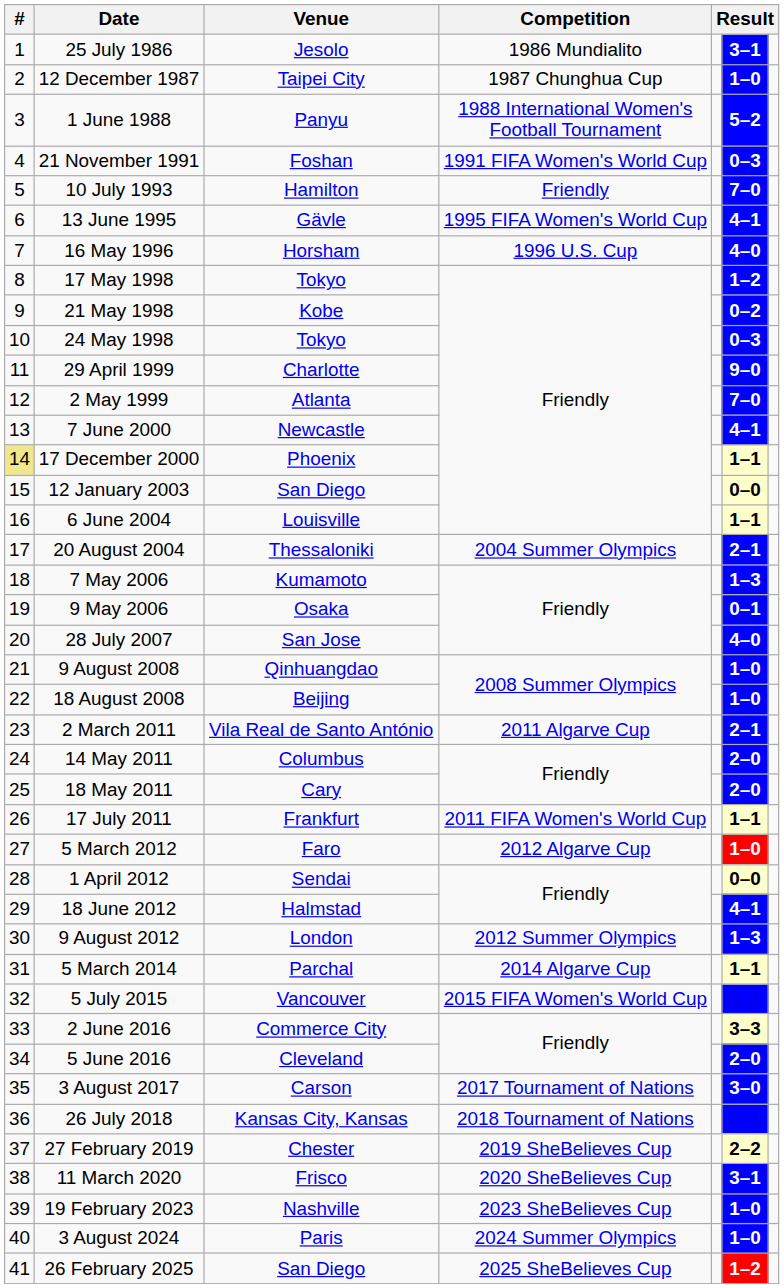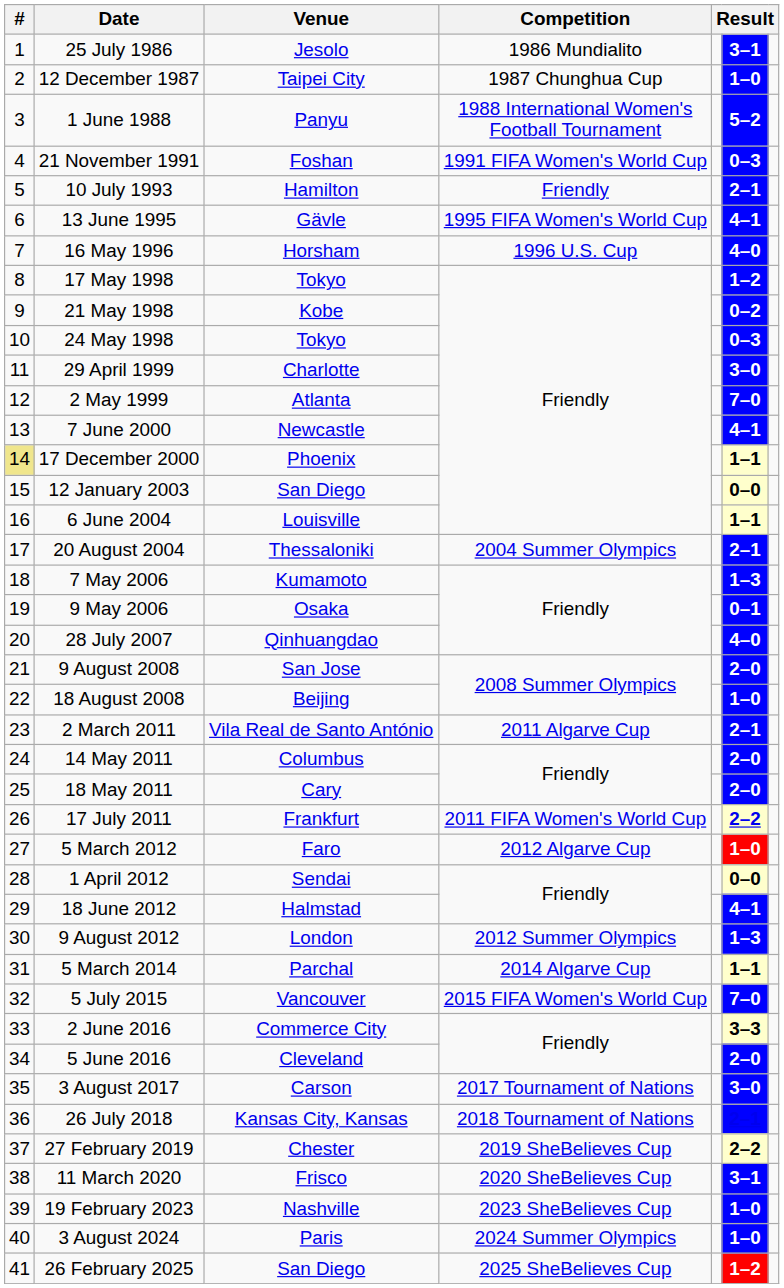 <table class="wikitable" style="text-align:center;">
 <tr>
 <th>#</th>
 <th>Date</th>
 <th style="width: 12em;">Venue</th>
 <th style="width: 14em;">Competition</th>
 <th colspan="3">Result</th>
 </tr>
 <tr>
 <td>1</td>
 <td>25 July 1986</td>
 <td> <a href='#'>Jesolo</a></td>
 <td>1986 Mundialito</td>
 <td align=right><strong></strong></td>
 <td style="background:blue; color:white;"><strong>3–1</strong></td>
 <td align=left></td>
 </tr>
 <tr>
 <td>2</td>
 <td>12 December 1987</td>
 <td> <a href='#'>Taipei City</a></td>
 <td>1987 Chunghua Cup</td>
 <td align=right><strong></strong></td>
 <td style="background:blue; color:white;"><strong>1–0</strong></td>
 <td align=left></td>
 </tr>
 <tr>
 <td>3</td>
 <td>1 June 1988</td>
 <td> <a href='#'>Panyu</a></td>
 <td><a href='#'>1988 International Women's Football Tournament</a></td>
 <td align=right><strong></strong></td>
 <td style="background:blue; color:white;"><strong>5–2</strong></td>
 <td align=left></td>
 </tr>
 <tr>
 <td>4</td>
 <td>21 November 1991</td>
 <td> <a href='#'>Foshan</a></td>
 <td><a href='#'>1991 FIFA Women's World Cup</a></td>
 <td align=right></td>
 <td style="background:blue; color:white;"><strong>0–3</strong></td>
 <td align=left><strong></strong></td>
 </tr>
 <tr>
 <td>5</td>
 <td>10 July 1993</td>
 <td> <a href='#'>Hamilton</a></td>
 <td><a href='#'>Friendly</a></td>
 <td align=right><strong></strong></td>
-<td style="background:blue; color:white;"><strong>7–0</strong></td>
+<td style="background:blue; color:white;"><strong>2–1</strong></td>
 <td align=left></td>
 </tr>
 <tr>
 <td>6</td>
 <td>13 June 1995</td>
 <td> <a href='#'>Gävle</a></td>
 <td><a href='#'>1995 FIFA Women's World Cup</a></td>
 <td align=right><strong></strong></td>
 <td style="background:blue; color:white;"><strong>4–1</strong></td>
 <td align=left></td>
 </tr>
 <tr>
 <td>7</td>
 <td>16 May 1996</td>
 <td> <a href='#'>Horsham</a></td>
 <td><a href='#'>1996 U.S. Cup</a></td>
 <td align=right><strong></strong></td>
 <td style="background:blue; color:white;"><strong>4–0</strong></td>
 <td align=left></td>
 </tr>
 <tr>
 <td>8</td>
 <td>17 May 1998</td>
 <td> <a href='#'>Tokyo</a></td>
 <td rowspan="9">Friendly</td>
 <td align=right></td>
 <td style="background:blue; color:white;"><strong>1–2</strong></td>
 <td align=left><strong></strong></td>
 </tr>
 <tr>
 <td>9</td>
 <td>21 May 1998</td>
 <td> <a href='#'>Kobe</a></td>
 <td align=right></td>
 <td style="background:blue; color:white;"><strong>0–2</strong></td>
 <td align=left><strong></strong></td>
 </tr>
 <tr>
 <td>10</td>
 <td>24 May 1998</td>
 <td> <a href='#'>Tokyo</a></td>
 <td align=right></td>
 <td style="background:blue; color:white;"><strong>0–3</strong></td>
 <td align=left><strong></strong></td>
 </tr>
 <tr>
 <td>11</td>
 <td>29 April 1999</td>
 <td> <a href='#'>Charlotte</a></td>
 <td align=right><strong></strong></td>
-<td style="background:blue; color:white;"><strong>9–0</strong></td>
+<td style="background:blue; color:white;"><strong>3–0</strong></td>
 <td align=left></td>
 </tr>
 <tr>
 <td>12</td>
 <td>2 May 1999</td>
 <td> <a href='#'>Atlanta</a></td>
 <td align=right><strong></strong></td>
 <td style="background:blue; color:white;"><strong>7–0</strong></td>
 <td align=left></td>
 </tr>
 <tr>
 <td>13</td>
 <td>7 June 2000</td>
 <td> <a href='#'>Newcastle</a></td>
 <td align=right><strong></strong></td>
 <td style="background:blue; color:white;"><strong>4–1</strong></td>
 <td align=left></td>
 </tr>
 <tr>
 <td style="background: khaki;">14</td>
 <td>17 December 2000</td>
 <td> <a href='#'>Phoenix</a></td>
 <td align=right></td>
 <td style="background:#FFFFCC;"><strong>1–1</strong></td>
 <td align=left></td>
 </tr>
 <tr>
 <td>15</td>
 <td>12 January 2003</td>
 <td> <a href='#'>San Diego</a></td>
 <td align=right></td>
 <td style="background:#FFFFCC;"><strong>0–0</strong></td>
 <td align=left></td>
 </tr>
 <tr>
 <td>16</td>
 <td>6 June 2004</td>
 <td> <a href='#'>Louisville</a></td>
 <td align=right></td>
 <td style="background:#FFFFCC;"><strong>1–1</strong></td>
 <td align=left></td>
 </tr>
 <tr>
 <td>17</td>
 <td>20 August 2004</td>
 <td> <a href='#'>Thessaloniki</a></td>
 <td><a href='#'>2004 Summer Olympics</a></td>
 <td align=right><strong></strong></td>
 <td style="background:blue; color:white;"><strong>2–1</strong></td>
 <td align=left></td>
 </tr>
 <tr>
 <td>18</td>
 <td>7 May 2006</td>
 <td> <a href='#'>Kumamoto</a></td>
 <td rowspan="3">Friendly</td>
 <td align=right></td>
 <td style="background:blue; color:white;"><strong>1–3</strong></td>
 <td align=left><strong></strong></td>
 </tr>
 <tr>
 <td>19</td>
 <td>9 May 2006</td>
 <td> <a href='#'>Osaka</a></td>
 <td align=right></td>
 <td style="background:blue; color:white;"><strong>0–1</strong></td>
 <td align=left><strong></strong></td>
 </tr>
 <tr>
 <td>20</td>
 <td>28 July 2007</td>
-<td> <a href='#'>San Jose</a></td>
+<td> <a href='#'>Qinhuangdao</a></td>
 <td align=right><strong></strong></td>
 <td style="background:blue; color:white;"><strong>4–0</strong></td>
 <td align=left></td>
 </tr>
 <tr>
 <td>21</td>
 <td>9 August 2008</td>
-<td> <a href='#'>Qinhuangdao</a></td>
+<td> <a href='#'>San Jose</a></td>
 <td rowspan="2"><a href='#'>2008 Summer Olympics</a></td>
 <td align=right><strong></strong></td>
-<td style="background:blue; color:white;"><strong>1–0</strong></td>
+<td style="background:blue; color:white;"><strong>2–0</strong></td>
 <td align=left></td>
 </tr>
 <tr>
 <td>22</td>
 <td>18 August 2008</td>
 <td> <a href='#'>Beijing</a></td>
 <td align=right><strong></strong></td>
 <td style="background:blue; color:white;"><strong>1–0</strong></td>
 <td align=left></td>
 </tr>
 <tr>
 <td>23</td>
 <td>2 March 2011</td>
 <td> <a href='#'>Vila Real de Santo António</a></td>
 <td><a href='#'>2011 Algarve Cup</a></td>
 <td align=right><strong></strong></td>
 <td style="background:blue; color:white;"><strong>2–1</strong></td>
 <td align=left></td>
 </tr>
 <tr>
 <td>24</td>
 <td>14 May 2011</td>
 <td> <a href='#'>Columbus</a></td>
 <td rowspan="2">Friendly</td>
 <td align=right><strong></strong></td>
 <td style="background:blue; color:white;"><strong>2–0</strong></td>
 <td align=left></td>
 </tr>
 <tr>
 <td>25</td>
 <td>18 May 2011</td>
 <td> <a href='#'>Cary</a></td>
 <td align=right><strong></strong></td>
 <td style="background:blue; color:white;"><strong>2–0</strong></td>
 <td align=left></td>
 </tr>
 <tr>
 <td>26</td>
 <td>17 July 2011</td>
 <td> <a href='#'>Frankfurt</a></td>
 <td><a href='#'>2011 FIFA Women's World Cup</a></td>
 <td align=right></td>
-<td style="background:#FFFFCC;"><strong>1–1</strong></td>
+<td style="background:#FFFFCC;"><strong><a href='#'>2–2</a></strong><br></td>
 <td align=left></td>
 </tr>
 <tr>
 <td>27</td>
 <td>5 March 2012</td>
 <td> <a href='#'>Faro</a></td>
 <td><a href='#'>2012 Algarve Cup</a></td>
 <td align=right><strong></strong></td>
 <td style="background:red; color:white;"><strong>1–0</strong></td>
 <td align=left></td>
 </tr>
 <tr>
 <td>28</td>
 <td>1 April 2012</td>
 <td> <a href='#'>Sendai</a></td>
 <td rowspan="2">Friendly</td>
 <td align=right></td>
 <td style="background:#FFFFCC;"><strong>0–0</strong></td>
 <td align=left></td>
 </tr>
 <tr>
 <td>29</td>
 <td>18 June 2012</td>
 <td> <a href='#'>Halmstad</a></td>
 <td align=right><strong></strong></td>
 <td style="background:blue; color:white;"><strong>4–1</strong></td>
 <td align=left></td>
 </tr>
 <tr>
 <td>30</td>
 <td>9 August 2012</td>
 <td> <a href='#'>London</a></td>
 <td><a href='#'>2012 Summer Olympics</a></td>
 <td align=right><strong></strong></td>
 <td style="background:blue; color:white;"><strong>1–3</strong></td>
 <td align=left></td>
 </tr>
 <tr>
 <td>31</td>
 <td>5 March 2014</td>
 <td> <a href='#'>Parchal</a></td>
 <td><a href='#'>2014 Algarve Cup</a></td>
 <td align=right></td>
 <td style="background:#FFFFCC;"><strong>1–1</strong></td>
 <td align=left></td>
 </tr>
 <tr>
 <td>32</td>
 <td>5 July 2015</td>
 <td> <a href='#'>Vancouver</a></td>
 <td><a href='#'>2015 FIFA Women's World Cup</a></td>
 <td align=right><strong></strong></td>
-<td style="background:blue; color:red;"><a href='#'><span><strong>5–2</strong></span></a></td>
+<td style="background:blue; color:white;"><strong>7–0</strong></td>
 <td align=left></td>
 </tr>
 <tr>
 <td>33</td>
 <td>2 June 2016</td>
 <td> <a href='#'>Commerce City</a></td>
 <td rowspan="2">Friendly</td>
 <td align=right></td>
 <td style="background:#FFFFCC;"><strong>3–3</strong></td>
 <td align=left></td>
 </tr>
 <tr>
 <td>34</td>
 <td>5 June 2016</td>
 <td> <a href='#'>Cleveland</a></td>
 <td align=right><strong></strong></td>
 <td style="background:blue; color:white;"><strong>2–0</strong></td>
 <td align=left></td>
 </tr>
 <tr>
 <td>35</td>
 <td>3 August 2017</td>
 <td> <a href='#'>Carson</a></td>
 <td><a href='#'>2017 Tournament of Nations</a></td>
 <td align=right><strong></strong></td>
 <td style="background:blue; color:white;"><strong>3–0</strong></td>
 <td align=left></td>
 </tr>
 <tr>
 <td>36</td>
 <td>26 July 2018</td>
 <td> <a href='#'>Kansas City, Kansas</a></td>
 <td><a href='#'>2018 Tournament of Nations</a></td>
 <td align=right><strong></strong></td>
 <td style="background:blue; color:red;"><a href='#'><span><strong>2–1</strong></span></a></td>
 <td align=left></td>
 </tr>
 <tr>
 <td>37</td>
 <td>27 February 2019</td>
 <td> <a href='#'>Chester</a></td>
 <td><a href='#'>2019 SheBelieves Cup</a></td>
 <td align=right></td>
 <td style="background:#FFFFCC;"><strong>2–2</strong></td>
 <td align=left></td>
 </tr>
 <tr>
 <td>38</td>
 <td>11 March 2020</td>
 <td> <a href='#'>Frisco</a></td>
 <td><a href='#'>2020 SheBelieves Cup</a></td>
 <td align=right><strong></strong></td>
 <td style="background:blue; color:white;"><strong>3–1</strong></td>
 <td align=left></td>
 </tr>
 <tr>
 <td>39</td>
 <td>19 February 2023</td>
 <td> <a href='#'>Nashville</a></td>
 <td><a href='#'>2023 SheBelieves Cup</a></td>
 <td align=right><strong></strong></td>
 <td style="background:blue; color:white;"><strong>1–0</strong></td>
 <td align=left></td>
 </tr>
 <tr>
 <td>40</td>
 <td>3 August 2024</td>
 <td> <a href='#'>Paris</a></td>
 <td><a href='#'>2024 Summer Olympics</a></td>
 <td align=right><strong></strong></td>
 <td style="background:blue; color:white;"><strong>1–0</strong></td>
 <td align=left></td>
 </tr>
 <tr>
 <td>41</td>
 <td>26 February 2025</td>
 <td> <a href='#'>San Diego</a></td>
 <td><a href='#'>2025 SheBelieves Cup</a></td>
 <td align=right></td>
 <td style="background:red; color:white;"><strong>1–2</strong></td>
 <td align=left><strong></strong></td>
 </tr>
 </table>
